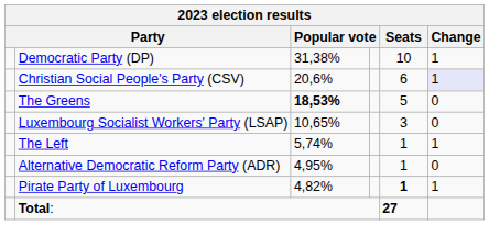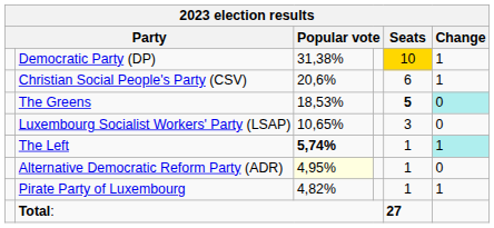 <table class="wikitable">
 <tr>
 <th colspan="6">2023 election results</th>
 </tr>
 <tr>
 <th colspan="2" width="300px">Party</th>
 <th colspan="2">Popular vote</th>
 <th width="50px">Seats</th>
 <th>Change</th>
 </tr>
 <tr>
 <td width="5px" style="background-color: "></td>
 <td><a href='#'>Democratic Party</a> (DP)</td>
 <td>31,38%</td>
 <td></td>
-<td style="text-align:center;">10</td>
+<td style="background: gold; text-align:center;">10</td>
 <td> 1</td>
 </tr>
 <tr>
 <td style="background-color: "></td>
 <td><a href='#'>Christian Social People's Party</a> (CSV)</td>
 <td>20,6%</td>
 <td></td>
 <td style="text-align:center;">6</td>
-<td style="background: lavender;"> 1</td>
+<td> 1</td>
 </tr>
 <tr>
 <td style="background-color: "></td>
 <td><a href='#'>The Greens</a></td>
-<td><strong>18,53%</strong></td>
+<td>18,53%</td>
 <td></td>
-<td style="text-align:center;">5</td>
-<td> 0</td>
+<td style="text-align:center;"><strong>5</strong></td>
+<td style="background: paleturquoise;"> 0</td>
 </tr>
 <tr>
 <td style="background-color: "></td>
 <td><a href='#'>Luxembourg Socialist Workers' Party</a> (LSAP)</td>
 <td>10,65%</td>
 <td></td>
 <td style="text-align:center;">3</td>
 <td> 0</td>
 </tr>
 <tr>
 <td style="background-color: "></td>
 <td><a href='#'>The Left</a></td>
-<td>5,74%</td>
+<td><strong>5,74%</strong></td>
 <td></td>
 <td style="text-align:center;">1</td>
-<td> 1</td>
+<td style="background: paleturquoise;"> 1</td>
 </tr>
 <tr>
 <td style="background-color: "></td>
 <td><a href='#'>Alternative Democratic Reform Party</a> (ADR)</td>
-<td>4,95%</td>
+<td style="background: lightyellow;">4,95%</td>
 <td></td>
 <td style="text-align:center;">1</td>
 <td> 0</td>
 </tr>
 <tr>
 <td style="background-color: "></td>
 <td><a href='#'>Pirate Party of Luxembourg</a></td>
 <td>4,82%</td>
 <td></td>
-<td style="text-align:center;"><strong>1</strong></td>
+<td style="text-align:center;">1</td>
 <td> 1</td>
 </tr>
 <tr>
 <td></td>
 <td colspan="3"><strong>Total</strong>:</td>
 <td><strong>27</strong></td>
 <td></td>
 </tr>
 </table>
